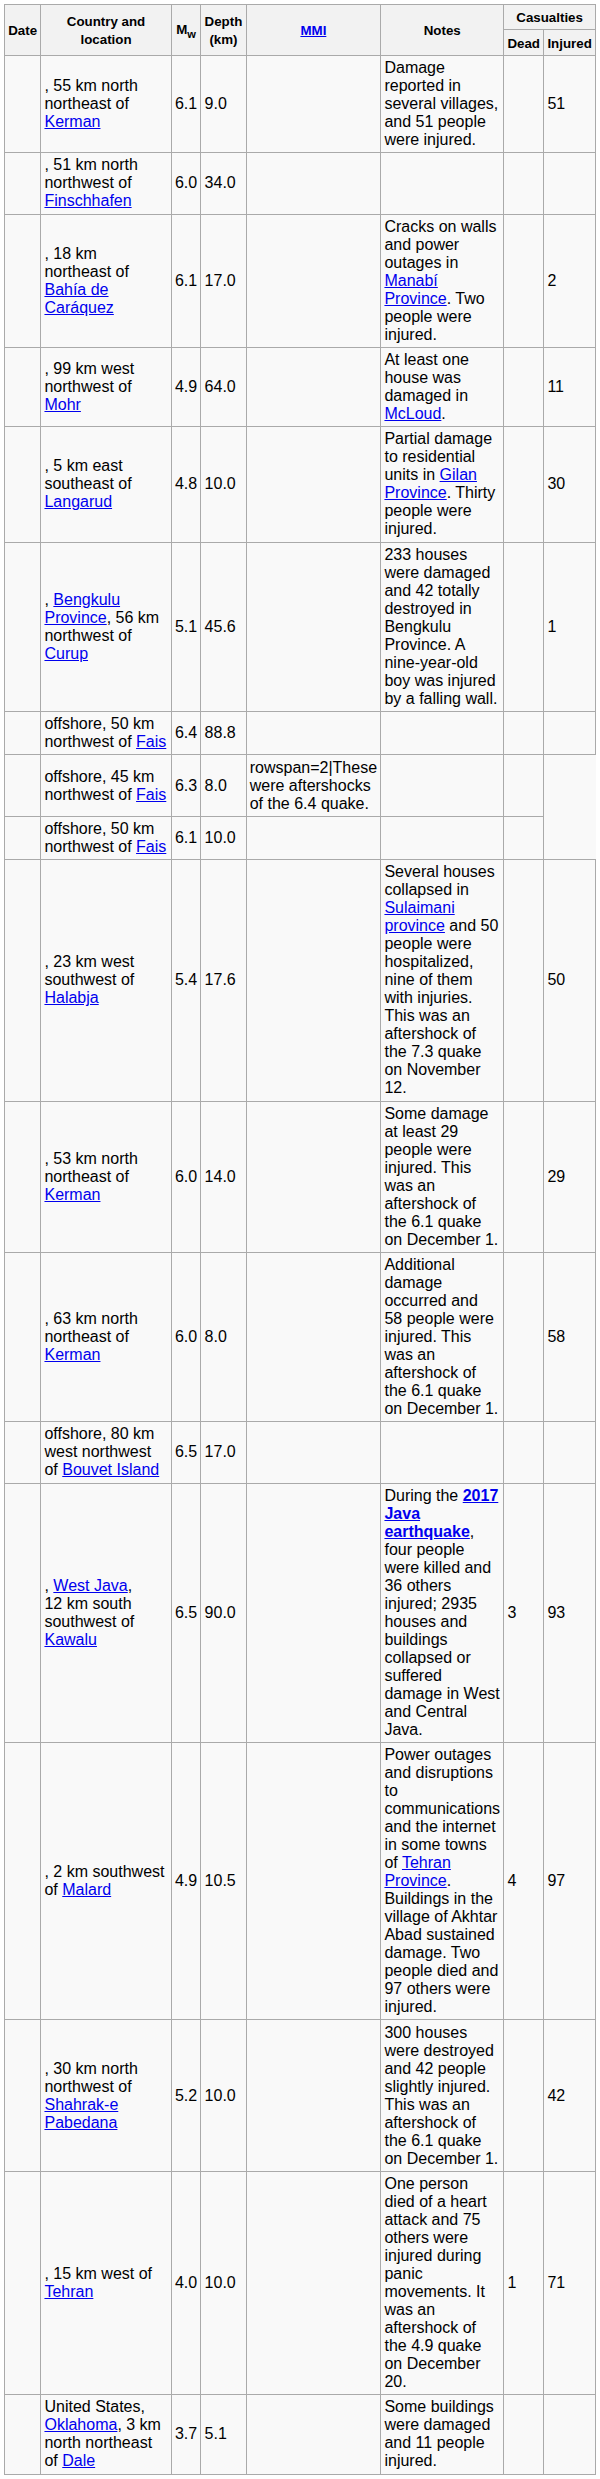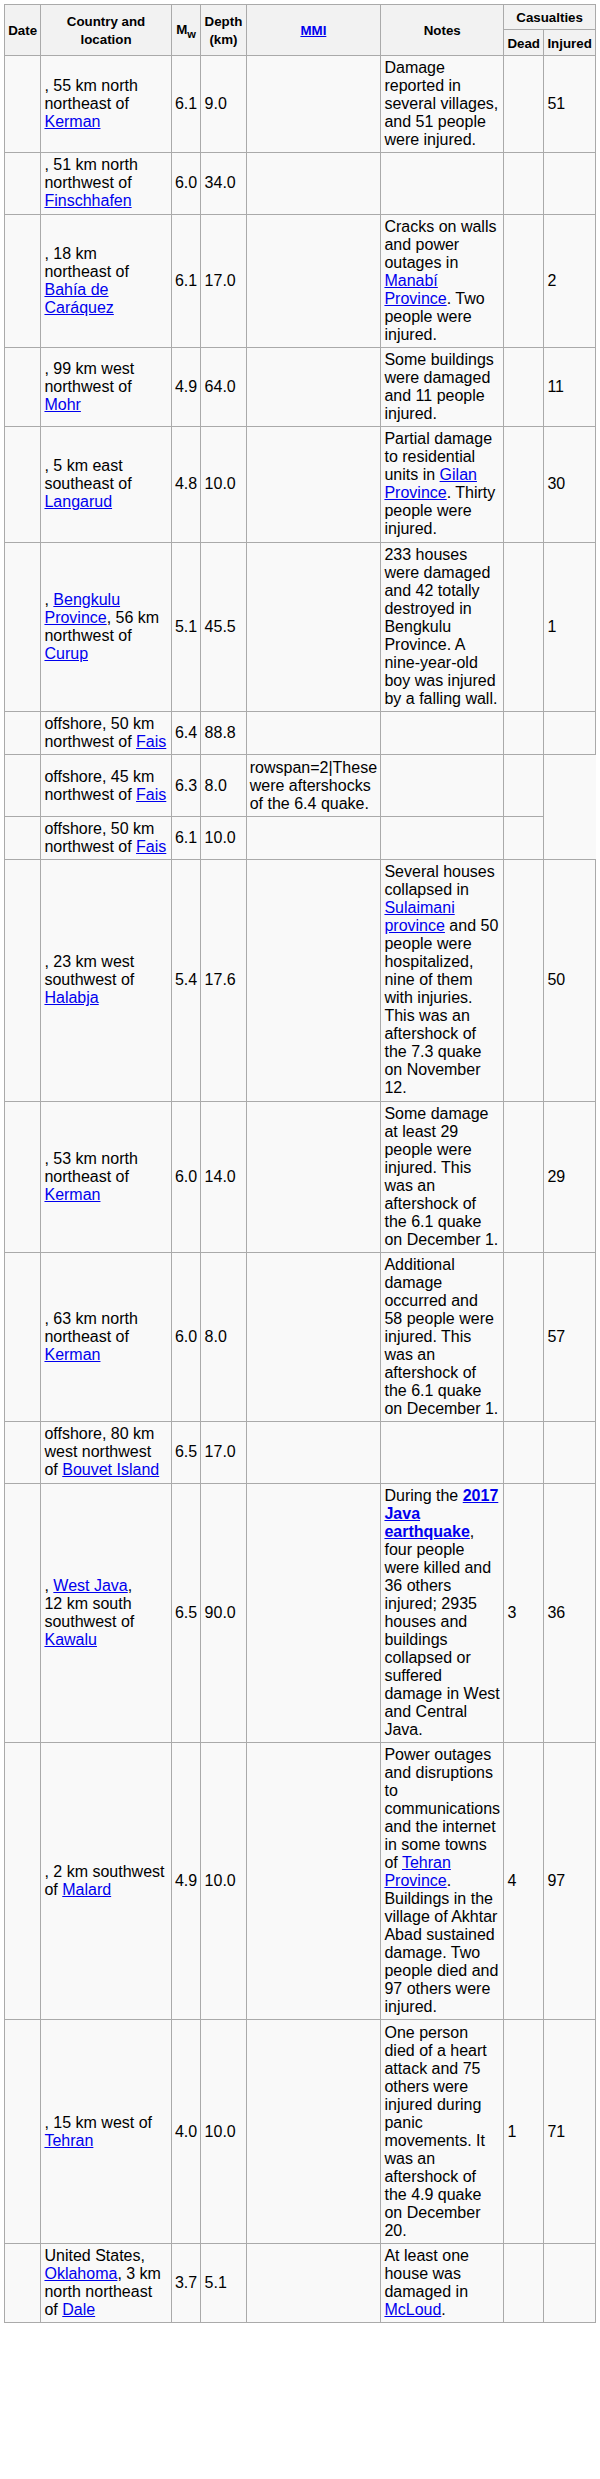 <table class="wikitable sortable sort-under" style="border:1px black; margin-left:1em;">
 <tr>
 <th rowspan="2"><small>Date</small></th>
 <th rowspan="2" style="width: 340px"><small>Country and location</small></th>
 <th rowspan="2"><small>M<sub>w</sub></small></th>
 <th rowspan="2"><small>Depth (km)</small></th>
 <th rowspan="2"><small><a href='#'>MMI</a></small></th>
 <th rowspan="2" class="unsortable"><small>Notes</small></th>
 <th colspan="2"><small>Casualties</small></th>
 </tr>
 <tr>
 <th><small>Dead</small></th>
 <th><small>Injured</small></th>
 </tr>
 <tr>
 <td></td>
 <td>, 55 km north northeast of <a href='#'>Kerman</a></td>
 <td>6.1</td>
 <td>9.0</td>
 <td></td>
 <td>Damage reported in several villages, and 51 people were injured.</td>
 <td></td>
 <td>51</td>
 </tr>
 <tr>
 <td></td>
 <td>, 51 km north northwest of <a href='#'>Finschhafen</a></td>
 <td>6.0</td>
 <td>34.0</td>
 <td></td>
 <td></td>
 <td></td>
 <td></td>
 </tr>
 <tr>
 <td></td>
 <td>, 18 km northeast of <a href='#'>Bahía de Caráquez</a></td>
 <td>6.1</td>
 <td>17.0</td>
 <td></td>
 <td>Cracks on walls and power outages in <a href='#'>Manabí Province</a>. Two people were injured.</td>
 <td></td>
 <td>2</td>
 </tr>
 <tr>
 <td></td>
 <td>, 99 km west northwest of <a href='#'>Mohr</a></td>
 <td>4.9</td>
 <td>64.0</td>
 <td></td>
-<td>At least one house was damaged in <a href='#'>McLoud</a>.</td>
+<td>Some buildings were damaged and 11 people injured.</td>
 <td></td>
 <td>11</td>
 </tr>
 <tr>
 <td></td>
 <td>, 5 km east southeast of <a href='#'>Langarud</a></td>
 <td>4.8</td>
 <td>10.0</td>
 <td></td>
 <td>Partial damage to residential units in <a href='#'>Gilan Province</a>. Thirty people were injured.</td>
 <td></td>
 <td>30</td>
 </tr>
 <tr>
 <td></td>
 <td>, <a href='#'>Bengkulu Province</a>, 56 km northwest of <a href='#'>Curup</a></td>
 <td>5.1</td>
-<td>45.6</td>
+<td>45.5</td>
 <td></td>
 <td>233 houses were damaged and 42 totally destroyed in Bengkulu Province. A nine-year-old boy was injured by a falling wall.</td>
 <td></td>
 <td>1</td>
 </tr>
 <tr>
 <td></td>
 <td> offshore, 50 km northwest of <a href='#'>Fais</a></td>
 <td>6.4</td>
 <td>88.8</td>
 <td></td>
 <td></td>
 <td></td>
 <td></td>
 </tr>
 <tr>
 <td></td>
 <td> offshore, 45 km northwest of <a href='#'>Fais</a></td>
 <td>6.3</td>
 <td>8.0</td>
 <td>rowspan=2|These were aftershocks of the 6.4 quake.</td>
 <td></td>
 <td></td>
 </tr>
 <tr>
 <td></td>
 <td> offshore, 50 km northwest of <a href='#'>Fais</a></td>
 <td>6.1</td>
 <td>10.0</td>
 <td></td>
 <td></td>
 <td></td>
 </tr>
 <tr>
 <td></td>
 <td>, 23 km west southwest of <a href='#'>Halabja</a></td>
 <td>5.4</td>
 <td>17.6</td>
 <td></td>
 <td>Several houses collapsed in <a href='#'>Sulaimani province</a> and 50 people were hospitalized, nine of them with injuries. This was an aftershock of the 7.3 quake on November 12.</td>
 <td></td>
 <td>50</td>
 </tr>
 <tr>
 <td></td>
 <td>, 53 km north northeast of <a href='#'>Kerman</a></td>
 <td>6.0</td>
 <td>14.0</td>
 <td></td>
 <td>Some damage at least 29 people were injured. This was an aftershock of the 6.1 quake on December 1.</td>
 <td></td>
 <td>29</td>
 </tr>
 <tr>
 <td></td>
 <td>, 63 km north northeast of <a href='#'>Kerman</a></td>
 <td>6.0</td>
 <td>8.0</td>
 <td></td>
 <td>Additional damage occurred and 58 people were injured. This was an aftershock of the 6.1 quake on December 1.</td>
 <td></td>
-<td>58</td>
+<td>57</td>
 </tr>
 <tr>
 <td></td>
 <td> offshore, 80 km west northwest of <a href='#'>Bouvet Island</a></td>
 <td>6.5</td>
 <td>17.0</td>
 <td></td>
 <td></td>
 <td></td>
 <td></td>
 </tr>
 <tr>
 <td></td>
 <td>, <a href='#'>West Java</a>, 12 km south southwest of <a href='#'>Kawalu</a></td>
 <td>6.5</td>
 <td>90.0</td>
 <td></td>
 <td>During the <strong><a href='#'>2017 Java earthquake</a></strong>, four people were killed and 36 others injured; 2935 houses and buildings collapsed or suffered damage in West and Central Java.</td>
 <td>3</td>
-<td>93</td>
+<td>36</td>
 </tr>
 <tr>
 <td></td>
 <td>, 2 km southwest of <a href='#'>Malard</a></td>
 <td>4.9</td>
-<td>10.5</td>
+<td>10.0</td>
 <td></td>
 <td>Power outages and disruptions to communications and the internet in some towns of <a href='#'>Tehran Province</a>. Buildings in the village of Akhtar Abad sustained damage. Two people died and 97 others were injured.</td>
 <td>4</td>
 <td>97</td>
-</tr>
-<tr>
-<td></td>
-<td>, 30 km north northwest of <a href='#'>Shahrak-e Pabedana</a></td>
-<td>5.2</td>
-<td>10.0</td>
-<td></td>
-<td>300 houses were destroyed and 42 people slightly injured. This was an aftershock of the 6.1 quake on December 1.</td>
-<td></td>
-<td>42</td>
 </tr>
 <tr>
 <td></td>
 <td>, 15 km west of <a href='#'>Tehran</a></td>
 <td>4.0</td>
 <td>10.0</td>
 <td></td>
 <td>One person died of a heart attack and 75 others were injured during panic movements. It was an aftershock of the 4.9 quake on December 20.</td>
 <td>1</td>
 <td>71</td>
 </tr>
 <tr>
 <td></td>
 <td> United States, <a href='#'>Oklahoma</a>, 3 km north northeast of <a href='#'>Dale</a></td>
 <td>3.7</td>
 <td>5.1</td>
 <td></td>
-<td>Some buildings were damaged and 11 people injured.</td>
+<td>At least one house was damaged in <a href='#'>McLoud</a>.</td>
 <td></td>
 <td></td>
 </tr>
 </table>
